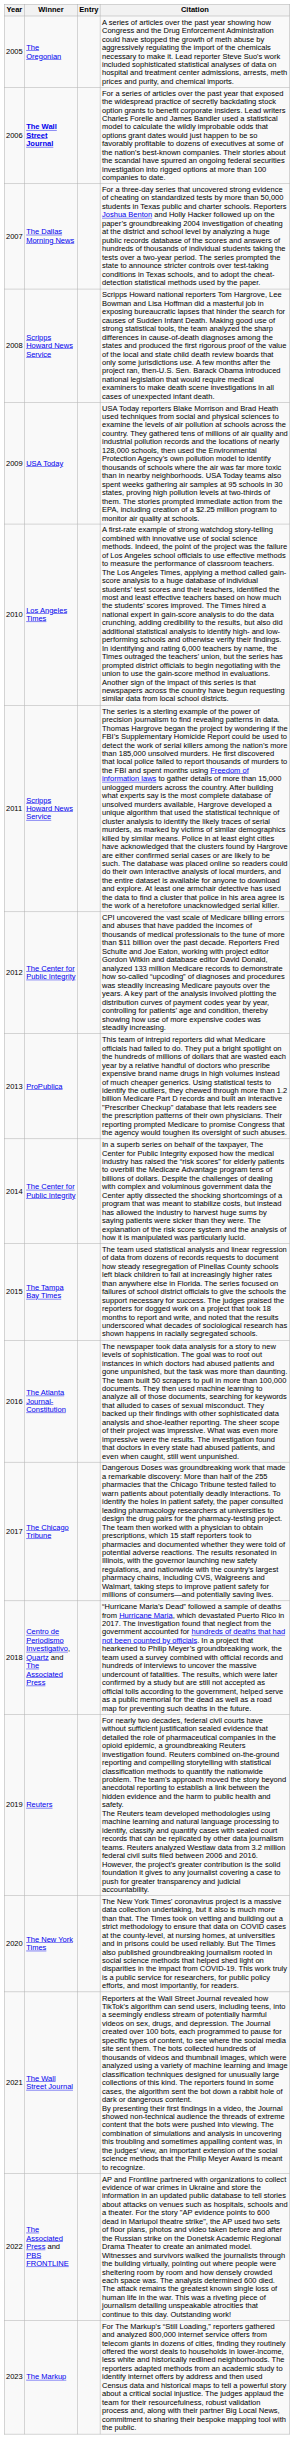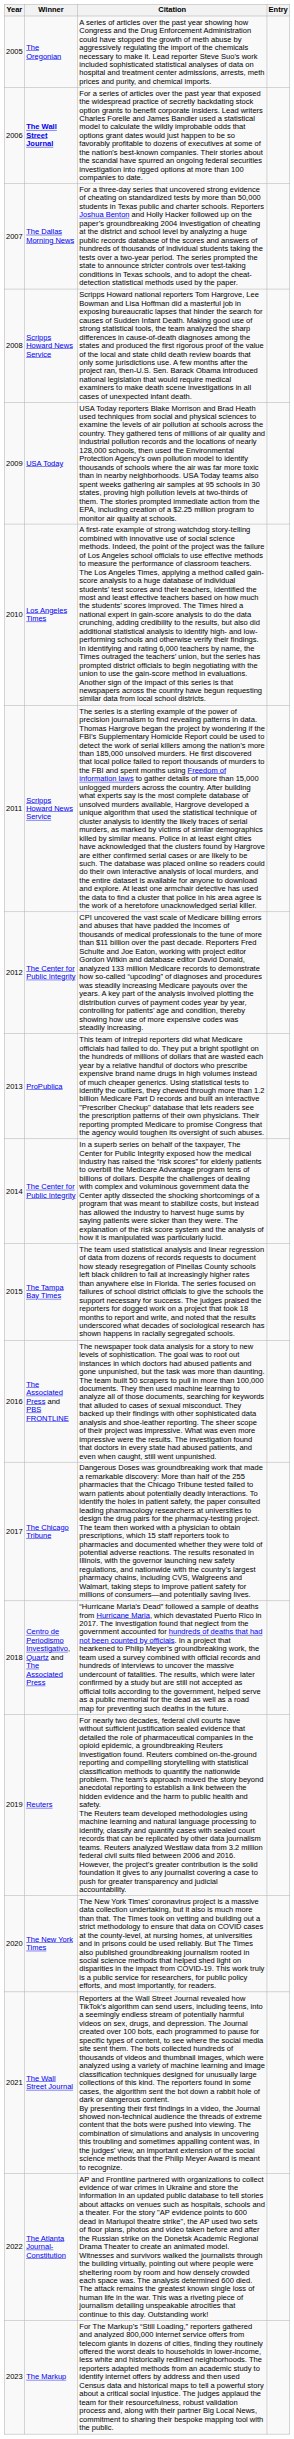 <table class="wikitable sortable">
 <tr>
 <th scope="col">Year</th>
 <th scope="col">Winner</th>
+<th scope="col">Citation</th>
 <th scope="col">Entry</th>
-<th scope="col">Citation</th>
 </tr>
 <tr>
 <td>2005</td>
 <td><a href='#'>The Oregonian</a></td>
+<td>A series of articles over the past year showing how Congress and the Drug Enforcement Administration could have stopped the growth of meth abuse by aggressively regulating the import of the chemicals necessary to make it. Lead reporter Steve Suo's work included sophisticated statistical analyses of data on hospital and treatment center admissions, arrests, meth prices and purity, and chemical imports.</td>
 <td></td>
-<td>A series of articles over the past year showing how Congress and the Drug Enforcement Administration could have stopped the growth of meth abuse by aggressively regulating the import of the chemicals necessary to make it. Lead reporter Steve Suo's work included sophisticated statistical analyses of data on hospital and treatment center admissions, arrests, meth prices and purity, and chemical imports.</td>
 </tr>
 <tr>
 <td>2006</td>
 <td><strong><a href='#'>The Wall Street Journal</a></strong></td>
+<td>For  a series of articles over the past year that exposed the widespread practice of secretly backdating stock option grants to benefit corporate insiders. Lead writers Charles Forelle and James Bandler used a statistical model to calculate the wildly improbable odds that options grant dates would just happen to be so favorably profitable to dozens of executives at some of the nation's best-known companies. Their stories about the scandal have spurred an ongoing federal securities investigation into rigged options at more than 100 companies to date.</td>
 <td></td>
-<td>For  a series of articles over the past year that exposed the widespread practice of secretly backdating stock option grants to benefit corporate insiders. Lead writers Charles Forelle and James Bandler used a statistical model to calculate the wildly improbable odds that options grant dates would just happen to be so favorably profitable to dozens of executives at some of the nation's best-known companies. Their stories about the scandal have spurred an ongoing federal securities investigation into rigged options at more than 100 companies to date.</td>
 </tr>
 <tr>
 <td>2007</td>
 <td><a href='#'>The Dallas Morning News</a></td>
+<td>For a three-day series that uncovered strong evidence of cheating on standardized tests by more than 50,000 students in Texas public and charter schools. Reporters <a href='#'>Joshua Benton</a> and Holly Hacker followed up on the paper’s groundbreaking 2004 investigation of cheating at the district and school level by analyzing a huge public records database of the scores and answers of hundreds of thousands of individual students taking the tests over a two-year period. The series prompted the state to announce stricter controls over test-taking conditions in Texas schools, and to adopt the cheat-detection statistical methods used by the paper.</td>
 <td></td>
-<td>For a three-day series that uncovered strong evidence of cheating on standardized tests by more than 50,000 students in Texas public and charter schools. Reporters <a href='#'>Joshua Benton</a> and Holly Hacker followed up on the paper’s groundbreaking 2004 investigation of cheating at the district and school level by analyzing a huge public records database of the scores and answers of hundreds of thousands of individual students taking the tests over a two-year period. The series prompted the state to announce stricter controls over test-taking conditions in Texas schools, and to adopt the cheat-detection statistical methods used by the paper.</td>
 </tr>
 <tr>
 <td>2008</td>
 <td><a href='#'>Scripps Howard News Service</a></td>
+<td>Scripps Howard national reporters Tom Hargrove, Lee Bowman and Lisa Hoffman did a masterful job in exposing bureaucratic lapses that hinder the search for causes of Sudden Infant Death. Making good use of strong statistical tools, the team analyzed the sharp differences in cause-of-death diagnoses among the states and produced the first rigorous proof of the value of the local and state child death review boards that only some jurisdictions use. A few months after the project ran, then-U.S. Sen. Barack Obama introduced national legislation that would require medical examiners to make death scene investigations in all cases of unexpected infant death.</td>
 <td></td>
-<td>Scripps Howard national reporters Tom Hargrove, Lee Bowman and Lisa Hoffman did a masterful job in exposing bureaucratic lapses that hinder the search for causes of Sudden Infant Death. Making good use of strong statistical tools, the team analyzed the sharp differences in cause-of-death diagnoses among the states and produced the first rigorous proof of the value of the local and state child death review boards that only some jurisdictions use. A few months after the project ran, then-U.S. Sen. Barack Obama introduced national legislation that would require medical examiners to make death scene investigations in all cases of unexpected infant death.</td>
 </tr>
 <tr>
 <td>2009</td>
 <td><a href='#'>USA Today</a></td>
+<td>USA Today reporters Blake Morrison and Brad Heath used techniques from social and physical sciences to examine the levels of air pollution at schools across the country. They gathered tens of millions of air quality and industrial pollution records and the locations of nearly 128,000 schools, then used the Environmental Protection Agency's own pollution model to identify thousands of schools where the air was far more toxic than in nearby neighborhoods. USA Today teams also spent weeks gathering air samples at 95 schools in 30 states, proving high pollution levels at two-thirds of them. The stories prompted immediate action from the EPA, including creation of a $2.25 million program to monitor air quality at schools.</td>
 <td></td>
-<td>USA Today reporters Blake Morrison and Brad Heath used techniques from social and physical sciences to examine the levels of air pollution at schools across the country. They gathered tens of millions of air quality and industrial pollution records and the locations of nearly 128,000 schools, then used the Environmental Protection Agency's own pollution model to identify thousands of schools where the air was far more toxic than in nearby neighborhoods. USA Today teams also spent weeks gathering air samples at 95 schools in 30 states, proving high pollution levels at two-thirds of them. The stories prompted immediate action from the EPA, including creation of a $2.25 million program to monitor air quality at schools.</td>
 </tr>
 <tr>
 <td>2010</td>
 <td><a href='#'>Los Angeles Times</a></td>
+<td>A first-rate example of strong watchdog story-telling combined with innovative use of social science methods. Indeed, the point of the project was the failure of Los Angeles school officials to use effective methods to measure the performance of classroom teachers. The Los Angeles Times, applying a method called gain-score analysis to a huge database of individual students’ test scores and their teachers, identified the most and least effective teachers based on how much the students’ scores improved. The Times hired a national expert in gain-score analysis to do the data crunching, adding credibility to the results, but also did additional statistical analysis to identify high- and low-performing schools and otherwise verify their findings. In identifying and rating 6,000 teachers by name, the Times outraged the teachers’ union, but the series has prompted district officials to begin negotiating with the union to use the gain-score method in evaluations. Another sign of the impact of this series is that newspapers across the country have begun requesting similar data from local school districts.</td>
 <td></td>
-<td>A first-rate example of strong watchdog story-telling combined with innovative use of social science methods. Indeed, the point of the project was the failure of Los Angeles school officials to use effective methods to measure the performance of classroom teachers. The Los Angeles Times, applying a method called gain-score analysis to a huge database of individual students’ test scores and their teachers, identified the most and least effective teachers based on how much the students’ scores improved. The Times hired a national expert in gain-score analysis to do the data crunching, adding credibility to the results, but also did additional statistical analysis to identify high- and low-performing schools and otherwise verify their findings. In identifying and rating 6,000 teachers by name, the Times outraged the teachers’ union, but the series has prompted district officials to begin negotiating with the union to use the gain-score method in evaluations. Another sign of the impact of this series is that newspapers across the country have begun requesting similar data from local school districts.</td>
 </tr>
 <tr>
 <td>2011</td>
 <td><a href='#'>Scripps Howard News Service</a></td>
+<td>The series is a sterling example of the power of precision journalism to find revealing patterns in data. Thomas Hargrove began the project by wondering if the FBI’s Supplementary Homicide Report could be used to detect the work of serial killers among the nation’s more than 185,000 unsolved murders. He first discovered that local police failed to report thousands of murders to the FBI and spent months using <a href='#'>Freedom of information laws</a> to gather details of more than 15,000 unlogged murders across the country. After building what experts say is the most complete database of unsolved murders available, Hargrove developed a unique algorithm that used the statistical technique of cluster analysis to identify the likely traces of serial murders, as marked by victims of similar demographics killed by similar means. Police in at least eight cities have acknowledged that the clusters found by Hargrove are either confirmed serial cases or are likely to be such. The database was placed online so readers could do their own interactive analysis of local murders, and the entire dataset is available for anyone to download and explore. At least one armchair detective has used the data to find a cluster that police in his area agree is the work of a heretofore unacknowledged serial killer.</td>
 <td></td>
-<td>The series is a sterling example of the power of precision journalism to find revealing patterns in data. Thomas Hargrove began the project by wondering if the FBI’s Supplementary Homicide Report could be used to detect the work of serial killers among the nation’s more than 185,000 unsolved murders. He first discovered that local police failed to report thousands of murders to the FBI and spent months using <a href='#'>Freedom of information laws</a> to gather details of more than 15,000 unlogged murders across the country. After building what experts say is the most complete database of unsolved murders available, Hargrove developed a unique algorithm that used the statistical technique of cluster analysis to identify the likely traces of serial murders, as marked by victims of similar demographics killed by similar means. Police in at least eight cities have acknowledged that the clusters found by Hargrove are either confirmed serial cases or are likely to be such. The database was placed online so readers could do their own interactive analysis of local murders, and the entire dataset is available for anyone to download and explore. At least one armchair detective has used the data to find a cluster that police in his area agree is the work of a heretofore unacknowledged serial killer.</td>
 </tr>
 <tr>
 <td>2012</td>
 <td><a href='#'>The Center for Public Integrity</a></td>
+<td>CPI uncovered the vast scale of Medicare billing errors and abuses that have padded the incomes of thousands of medical professionals to the tune of more than $11 billion over the past decade. Reporters Fred Schulte and Joe Eaton, working with project editor Gordon Witkin and database editor David Donald, analyzed 133 million Medicare records to demonstrate how so-called “upcoding” of diagnoses and procedures was steadily increasing Medicare payouts over the years. A key part of the analysis involved plotting the distribution curves of payment codes year by year, controlling for patients’ age and condition, thereby showing how use of more expensive codes was steadily increasing.</td>
 <td></td>
-<td>CPI uncovered the vast scale of Medicare billing errors and abuses that have padded the incomes of thousands of medical professionals to the tune of more than $11 billion over the past decade. Reporters Fred Schulte and Joe Eaton, working with project editor Gordon Witkin and database editor David Donald, analyzed 133 million Medicare records to demonstrate how so-called “upcoding” of diagnoses and procedures was steadily increasing Medicare payouts over the years. A key part of the analysis involved plotting the distribution curves of payment codes year by year, controlling for patients’ age and condition, thereby showing how use of more expensive codes was steadily increasing.</td>
 </tr>
 <tr>
 <td>2013</td>
 <td><a href='#'>ProPublica</a></td>
+<td>This team of intrepid reporters did what Medicare officials had failed to do. They put a bright spotlight on the hundreds of millions of dollars that are wasted each year by a relative handful of doctors who prescribe expensive brand name drugs in high volumes instead of much cheaper generics. Using statistical tests to identify the outliers, they chewed through more than 1.2 billion Medicare Part D records and built an interactive "Prescriber Checkup" database that lets readers see the prescription patterns of their own physicians. Their reporting prompted Medicare to promise Congress that the agency would toughen its oversight of such abuses.</td>
 <td></td>
-<td>This team of intrepid reporters did what Medicare officials had failed to do. They put a bright spotlight on the hundreds of millions of dollars that are wasted each year by a relative handful of doctors who prescribe expensive brand name drugs in high volumes instead of much cheaper generics. Using statistical tests to identify the outliers, they chewed through more than 1.2 billion Medicare Part D records and built an interactive "Prescriber Checkup" database that lets readers see the prescription patterns of their own physicians. Their reporting prompted Medicare to promise Congress that the agency would toughen its oversight of such abuses.</td>
 </tr>
 <tr>
 <td>2014</td>
 <td><a href='#'>The Center for Public Integrity</a></td>
+<td>In a superb series on behalf of the taxpayer, The Center for Public Integrity exposed how the medical industry has raised the “risk scores” for elderly patients to overbill the Medicare Advantage program tens of billions of dollars. Despite the challenges of dealing with complex and voluminous government data the Center aptly dissected the shocking shortcomings of a program that was meant to stabilize costs, but instead has allowed the industry to harvest huge sums by saying patients were sicker than they were. The explanation of the risk score system and the analysis of how it is manipulated was particularly lucid.</td>
 <td></td>
-<td>In a superb series on behalf of the taxpayer, The Center for Public Integrity exposed how the medical industry has raised the “risk scores” for elderly patients to overbill the Medicare Advantage program tens of billions of dollars. Despite the challenges of dealing with complex and voluminous government data the Center aptly dissected the shocking shortcomings of a program that was meant to stabilize costs, but instead has allowed the industry to harvest huge sums by saying patients were sicker than they were. The explanation of the risk score system and the analysis of how it is manipulated was particularly lucid.</td>
 </tr>
 <tr>
 <td>2015</td>
 <td><a href='#'>The Tampa Bay Times</a></td>
+<td>The team used statistical analysis and linear regression of data from dozens of records requests to document how steady resegregation of Pinellas County schools left black children to fail at increasingly higher rates than anywhere else in Florida. The series focused on failures of school district officials to give the schools the support necessary for success. The judges praised the reporters for dogged work on a project that took 18 months to report and write, and noted that the results underscored what decades of sociological research has shown happens in racially segregated schools.</td>
 <td></td>
-<td>The team used statistical analysis and linear regression of data from dozens of records requests to document how steady resegregation of Pinellas County schools left black children to fail at increasingly higher rates than anywhere else in Florida. The series focused on failures of school district officials to give the schools the support necessary for success. The judges praised the reporters for dogged work on a project that took 18 months to report and write, and noted that the results underscored what decades of sociological research has shown happens in racially segregated schools.</td>
 </tr>
 <tr>
 <td>2016</td>
-<td><a href='#'>The Atlanta Journal-Constitution</a></td>
+<td><a href='#'>The Associated Press</a> and <a href='#'>PBS</a> <a href='#'>FRONTLINE</a></td>
+<td>The newspaper took data analysis for a story to new levels of sophistication. The goal was to root out instances in which doctors had abused patients and gone unpunished, but the task was more than daunting. The team built 50 scrapers to pull in more than 100,000 documents. They then used machine learning to analyze all of those documents, searching for keywords that alluded to cases of sexual misconduct. They backed up their findings with other sophisticated data analysis and shoe-leather reporting. The sheer scope of their project was impressive. What was even more impressive were the results. The investigation found that doctors in every state had abused patients, and even when caught, still went unpunished.</td>
 <td></td>
-<td>The newspaper took data analysis for a story to new levels of sophistication. The goal was to root out instances in which doctors had abused patients and gone unpunished, but the task was more than daunting. The team built 50 scrapers to pull in more than 100,000 documents. They then used machine learning to analyze all of those documents, searching for keywords that alluded to cases of sexual misconduct. They backed up their findings with other sophisticated data analysis and shoe-leather reporting. The sheer scope of their project was impressive. What was even more impressive were the results. The investigation found that doctors in every state had abused patients, and even when caught, still went unpunished.</td>
 </tr>
 <tr>
 <td>2017</td>
 <td><a href='#'>The Chicago Tribune</a></td>
+<td>Dangerous Doses was groundbreaking work that made a remarkable discovery: More than half of the 255 pharmacies that the Chicago Tribune tested failed to warn patients about potentially deadly interactions. To identify the holes in patient safety, the paper consulted leading pharmacology researchers at universities to design the drug pairs for the pharmacy-testing project. The team then worked with a physician to obtain prescriptions, which 15 staff reporters took to pharmacies and documented whether they were told of potential adverse reactions. The results resonated in Illinois, with the governor launching new safety regulations, and nationwide with the country’s largest pharmacy chains, including CVS, Walgreens and Walmart, taking steps to improve patient safety for millions of consumers—and potentially saving lives.</td>
 <td></td>
-<td>Dangerous Doses was groundbreaking work that made a remarkable discovery: More than half of the 255 pharmacies that the Chicago Tribune tested failed to warn patients about potentially deadly interactions. To identify the holes in patient safety, the paper consulted leading pharmacology researchers at universities to design the drug pairs for the pharmacy-testing project. The team then worked with a physician to obtain prescriptions, which 15 staff reporters took to pharmacies and documented whether they were told of potential adverse reactions. The results resonated in Illinois, with the governor launching new safety regulations, and nationwide with the country’s largest pharmacy chains, including CVS, Walgreens and Walmart, taking steps to improve patient safety for millions of consumers—and potentially saving lives.</td>
 </tr>
 <tr>
 <td>2018</td>
 <td><a href='#'>Centro de Periodismo Investigativo</a>, <a href='#'>Quartz</a> and <a href='#'>The Associated Press</a></td>
+<td>“Hurricane Maria’s Dead” followed a sample of deaths from <a href='#'>Hurricane Maria</a>, which devastated Puerto Rico in 2017. The investigation found that neglect from the government accounted for <a href='#'>hundreds of deaths that had not been counted by officials</a>. In a project that hearkened to Philip Meyer’s groundbreaking work, the team used a survey combined with official records and hundreds of interviews to uncover the massive undercount of fatalities. The results, which were later confirmed by a study but are still not accepted as official tolls according to the government, helped serve as a public memorial for the dead as well as a road map for preventing such deaths in the future.</td>
 <td></td>
-<td>“Hurricane Maria’s Dead” followed a sample of deaths from <a href='#'>Hurricane Maria</a>, which devastated Puerto Rico in 2017. The investigation found that neglect from the government accounted for <a href='#'>hundreds of deaths that had not been counted by officials</a>. In a project that hearkened to Philip Meyer’s groundbreaking work, the team used a survey combined with official records and hundreds of interviews to uncover the massive undercount of fatalities. The results, which were later confirmed by a study but are still not accepted as official tolls according to the government, helped serve as a public memorial for the dead as well as a road map for preventing such deaths in the future.</td>
 </tr>
 <tr>
 <td>2019</td>
 <td><a href='#'>Reuters</a></td>
+<td>For nearly two decades, federal civil courts have without sufficient justification sealed evidence that detailed the role of pharmaceutical companies in the opioid epidemic, a groundbreaking Reuters investigation found. Reuters combined on-the-ground reporting and compelling storytelling with statistical classification methods to quantify the nationwide problem. The team’s approach moved the story beyond anecdotal reporting to establish a link between the hidden evidence and the harm to public health and safety.<br>The Reuters team developed methodologies using machine learning and natural language processing to identify, classify and quantify cases with sealed court records that can be replicated by other data journalism teams. Reuters analyzed Westlaw data from 3.2 million federal civil suits filed between 2006 and 2016. However, the project’s greater contribution is the solid foundation it gives to any journalist covering a case to push for greater transparency and judicial accountability.</td>
 <td></td>
-<td>For nearly two decades, federal civil courts have without sufficient justification sealed evidence that detailed the role of pharmaceutical companies in the opioid epidemic, a groundbreaking Reuters investigation found. Reuters combined on-the-ground reporting and compelling storytelling with statistical classification methods to quantify the nationwide problem. The team’s approach moved the story beyond anecdotal reporting to establish a link between the hidden evidence and the harm to public health and safety.<br>The Reuters team developed methodologies using machine learning and natural language processing to identify, classify and quantify cases with sealed court records that can be replicated by other data journalism teams. Reuters analyzed Westlaw data from 3.2 million federal civil suits filed between 2006 and 2016. However, the project’s greater contribution is the solid foundation it gives to any journalist covering a case to push for greater transparency and judicial accountability.</td>
 </tr>
 <tr>
 <td>2020</td>
 <td><a href='#'>The New York Times</a></td>
+<td>The New York Times' coronavirus project is a massive data collection undertaking, but it also is much more than that. The Times took on vetting and building out a strict methodology to ensure that data on COVID cases at the county-level, at nursing homes, at universities and in prisons could be used reliably. But The Times also published groundbreaking journalism rooted in social science methods that helped shed light on disparities in the impact from COVID-19. This work truly is a public service for researchers, for public policy efforts, and most importantly, for readers.</td>
 <td></td>
-<td>The New York Times' coronavirus project is a massive data collection undertaking, but it also is much more than that. The Times took on vetting and building out a strict methodology to ensure that data on COVID cases at the county-level, at nursing homes, at universities and in prisons could be used reliably. But The Times also published groundbreaking journalism rooted in social science methods that helped shed light on disparities in the impact from COVID-19. This work truly is a public service for researchers, for public policy efforts, and most importantly, for readers.</td>
 </tr>
 <tr>
 <td>2021</td>
 <td><a href='#'>The Wall Street Journal</a></td>
+<td>Reporters at the Wall Street Journal revealed how TikTok's algorithm can send users, including teens, into a seemingly endless stream of potentially harmful videos on sex, drugs, and depression. The Journal created over 100 bots, each programmed to pause for specific types of content, to see where the social media site sent them. The bots collected hundreds of thousands of videos and thumbnail images, which were analyzed using a variety of machine learning and image classification techniques designed for unusually large collections of this kind. The reporters found in some cases, the algorithm sent the bot down a rabbit hole of dark or dangerous content.<br>By presenting their first findings in a video, the Journal showed non-technical audience the threads of extreme content that the bots were pushed into viewing. The combination of simulations and analysis in uncovering this troubling and sometimes appalling content was, in the judges' view, an important extension of the social science methods that the Philip Meyer Award is meant to recognize.</td>
 <td></td>
-<td>Reporters at the Wall Street Journal revealed how TikTok's algorithm can send users, including teens, into a seemingly endless stream of potentially harmful videos on sex, drugs, and depression. The Journal created over 100 bots, each programmed to pause for specific types of content, to see where the social media site sent them. The bots collected hundreds of thousands of videos and thumbnail images, which were analyzed using a variety of machine learning and image classification techniques designed for unusually large collections of this kind. The reporters found in some cases, the algorithm sent the bot down a rabbit hole of dark or dangerous content.<br>By presenting their first findings in a video, the Journal showed non-technical audience the threads of extreme content that the bots were pushed into viewing. The combination of simulations and analysis in uncovering this troubling and sometimes appalling content was, in the judges' view, an important extension of the social science methods that the Philip Meyer Award is meant to recognize.</td>
 </tr>
 <tr>
 <td>2022</td>
-<td><a href='#'>The Associated Press</a> and <a href='#'>PBS</a> <a href='#'>FRONTLINE</a></td>
+<td><a href='#'>The Atlanta Journal-Constitution</a></td>
+<td>AP and Frontline partnered with organizations to collect evidence of war crimes in Ukraine and store the information in an updated public database to tell stories about attacks on venues such as hospitals, schools and a theater. For the story "AP evidence points to 600 dead in Mariupol theatre strike", the AP used two sets of floor plans, photos and video taken before and after the Russian strike on the Donetsk Academic Regional Drama Theater to create an animated model. Witnesses and survivors walked the journalists through the building virtually, pointing out where people were sheltering room by room and how densely crowded each space was. The analysis determined 600 died. The attack remains the greatest known single loss of human life in the war. This was a riveting piece of journalism detailing unspeakable atrocities that continue to this day. Outstanding work!</td>
 <td></td>
-<td>AP and Frontline partnered with organizations to collect evidence of war crimes in Ukraine and store the information in an updated public database to tell stories about attacks on venues such as hospitals, schools and a theater. For the story "AP evidence points to 600 dead in Mariupol theatre strike", the AP used two sets of floor plans, photos and video taken before and after the Russian strike on the Donetsk Academic Regional Drama Theater to create an animated model. Witnesses and survivors walked the journalists through the building virtually, pointing out where people were sheltering room by room and how densely crowded each space was. The analysis determined 600 died. The attack remains the greatest known single loss of human life in the war. This was a riveting piece of journalism detailing unspeakable atrocities that continue to this day. Outstanding work!</td>
 </tr>
 <tr>
 <td>2023</td>
 <td><a href='#'>The Markup</a></td>
+<td>For The Markup’s “Still Loading,” reporters gathered and analyzed 800,000 internet service offers from telecom giants in dozens of cities, finding they routinely offered the worst deals to households in lower-income, less white and historically redlined neighborhoods. The reporters adapted methods from an academic study to identify internet offers by address and then used Census data and historical maps to tell a powerful story about a critical social injustice. The judges applaud the team for their resourcefulness, robust validation process and, along with their partner Big Local News, commitment to sharing their bespoke mapping tool with the public.</td>
 <td></td>
-<td>For The Markup’s “Still Loading,” reporters gathered and analyzed 800,000 internet service offers from telecom giants in dozens of cities, finding they routinely offered the worst deals to households in lower-income, less white and historically redlined neighborhoods. The reporters adapted methods from an academic study to identify internet offers by address and then used Census data and historical maps to tell a powerful story about a critical social injustice. The judges applaud the team for their resourcefulness, robust validation process and, along with their partner Big Local News, commitment to sharing their bespoke mapping tool with the public.</td>
 </tr>
 </table>
